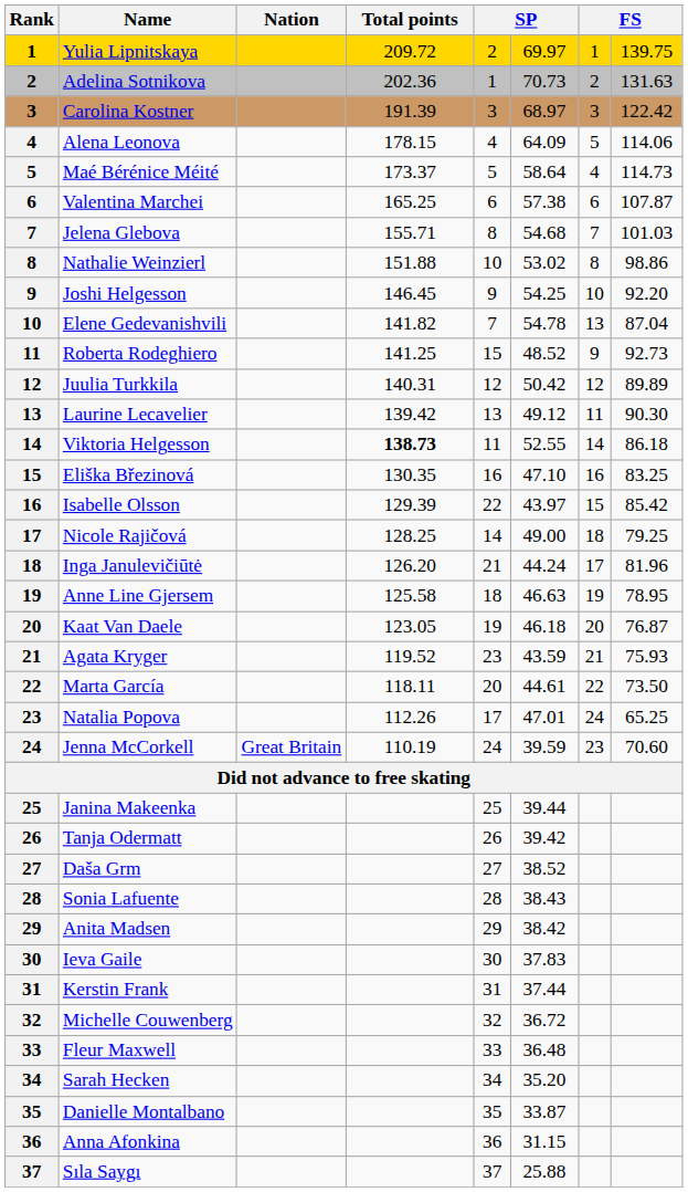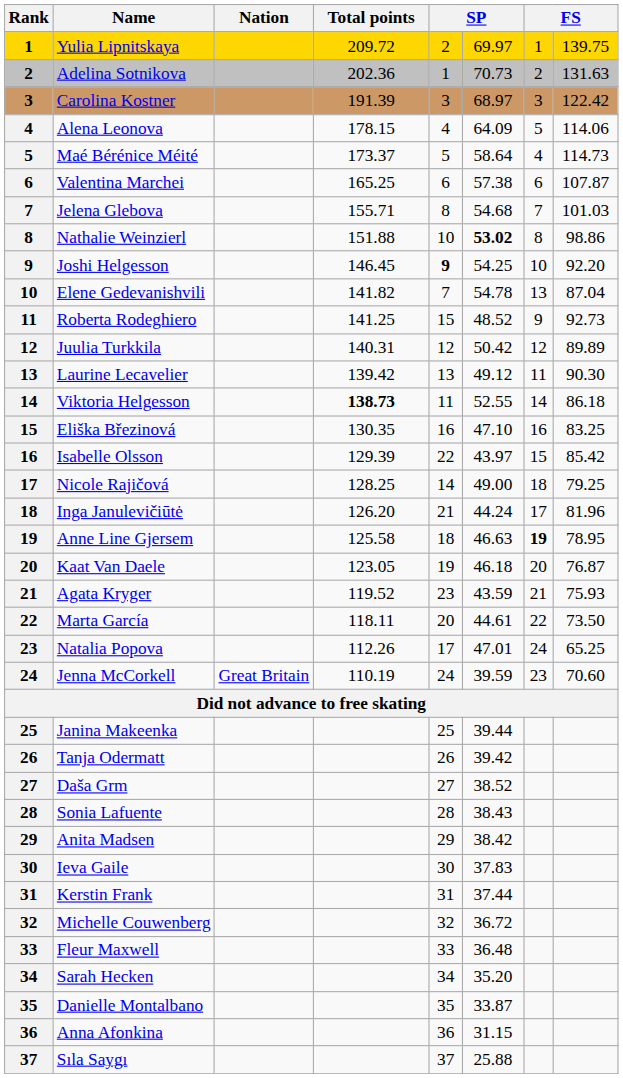 <table class="wikitable sortable">
 <tr>
 <th>Rank</th>
 <th>Name</th>
 <th>Nation</th>
 <th width="100px">Total points</th>
 <th colspan="2" width="80px"><a href='#'>SP</a></th>
 <th colspan="2" width="80px"><a href='#'>FS</a></th>
 </tr>
 <tr bgcolor="gold">
 <td align="center"><strong>1</strong></td>
 <td><a href='#'>Yulia Lipnitskaya</a></td>
 <td></td>
 <td align="center">209.72</td>
 <td align="center">2</td>
 <td align="center">69.97</td>
 <td align="center">1</td>
 <td align="center">139.75</td>
 </tr>
 <tr bgcolor="silver">
 <td align="center"><strong>2</strong></td>
 <td><a href='#'>Adelina Sotnikova</a></td>
 <td></td>
 <td align="center">202.36</td>
 <td align="center">1</td>
 <td align="center">70.73</td>
 <td align="center">2</td>
 <td align="center">131.63</td>
 </tr>
 <tr bgcolor="cc9966">
 <td align="center"><strong>3</strong></td>
 <td><a href='#'>Carolina Kostner</a></td>
 <td></td>
 <td align="center">191.39</td>
 <td align="center">3</td>
 <td align="center">68.97</td>
 <td align="center">3</td>
 <td align="center">122.42</td>
 </tr>
 <tr>
 <th>4</th>
 <td><a href='#'>Alena Leonova</a></td>
 <td></td>
 <td align="center">178.15</td>
 <td align="center">4</td>
 <td align="center">64.09</td>
 <td align="center">5</td>
 <td align="center">114.06</td>
 </tr>
 <tr>
 <th>5</th>
 <td><a href='#'>Maé Bérénice Méité</a></td>
 <td></td>
 <td align="center">173.37</td>
 <td align="center">5</td>
 <td align="center">58.64</td>
 <td align="center">4</td>
 <td align="center">114.73</td>
 </tr>
 <tr>
 <th>6</th>
 <td><a href='#'>Valentina Marchei</a></td>
 <td></td>
 <td align="center">165.25</td>
 <td align="center">6</td>
 <td align="center">57.38</td>
 <td align="center">6</td>
 <td align="center">107.87</td>
 </tr>
 <tr>
 <th>7</th>
 <td><a href='#'>Jelena Glebova</a></td>
 <td></td>
 <td align="center">155.71</td>
 <td align="center">8</td>
 <td align="center">54.68</td>
 <td align="center">7</td>
 <td align="center">101.03</td>
 </tr>
 <tr>
 <th>8</th>
 <td><a href='#'>Nathalie Weinzierl</a></td>
 <td></td>
 <td align="center">151.88</td>
 <td align="center">10</td>
-<td align="center">53.02</td>
+<td align="center"><strong>53.02</strong></td>
 <td align="center">8</td>
 <td align="center">98.86</td>
 </tr>
 <tr>
 <th>9</th>
 <td><a href='#'>Joshi Helgesson</a></td>
 <td></td>
 <td align="center">146.45</td>
-<td align="center">9</td>
+<td align="center"><strong>9</strong></td>
 <td align="center">54.25</td>
 <td align="center">10</td>
 <td align="center">92.20</td>
 </tr>
 <tr>
 <th>10</th>
 <td><a href='#'>Elene Gedevanishvili</a></td>
 <td></td>
 <td align="center">141.82</td>
 <td align="center">7</td>
 <td align="center">54.78</td>
 <td align="center">13</td>
 <td align="center">87.04</td>
 </tr>
 <tr>
 <th>11</th>
 <td><a href='#'>Roberta Rodeghiero</a></td>
 <td></td>
 <td align="center">141.25</td>
 <td align="center">15</td>
 <td align="center">48.52</td>
 <td align="center">9</td>
 <td align="center">92.73</td>
 </tr>
 <tr>
 <th>12</th>
 <td><a href='#'>Juulia Turkkila</a></td>
 <td></td>
 <td align="center">140.31</td>
 <td align="center">12</td>
 <td align="center">50.42</td>
 <td align="center">12</td>
 <td align="center">89.89</td>
 </tr>
 <tr>
 <th>13</th>
 <td><a href='#'>Laurine Lecavelier</a></td>
 <td></td>
 <td align="center">139.42</td>
 <td align="center">13</td>
 <td align="center">49.12</td>
 <td align="center">11</td>
 <td align="center">90.30</td>
 </tr>
 <tr>
 <th>14</th>
 <td><a href='#'>Viktoria Helgesson</a></td>
 <td></td>
 <td align="center"><strong>138.73</strong></td>
 <td align="center">11</td>
 <td align="center">52.55</td>
 <td align="center">14</td>
 <td align="center">86.18</td>
 </tr>
 <tr>
 <th>15</th>
 <td><a href='#'>Eliška Březinová</a></td>
 <td></td>
 <td align="center">130.35</td>
 <td align="center">16</td>
 <td align="center">47.10</td>
 <td align="center">16</td>
 <td align="center">83.25</td>
 </tr>
 <tr>
 <th>16</th>
 <td><a href='#'>Isabelle Olsson</a></td>
 <td></td>
 <td align="center">129.39</td>
 <td align="center">22</td>
 <td align="center">43.97</td>
 <td align="center">15</td>
 <td align="center">85.42</td>
 </tr>
 <tr>
 <th>17</th>
 <td><a href='#'>Nicole Rajičová</a></td>
 <td></td>
 <td align="center">128.25</td>
 <td align="center">14</td>
 <td align="center">49.00</td>
 <td align="center">18</td>
 <td align="center">79.25</td>
 </tr>
 <tr>
 <th>18</th>
 <td><a href='#'>Inga Janulevičiūtė</a></td>
 <td></td>
 <td align="center">126.20</td>
 <td align="center">21</td>
 <td align="center">44.24</td>
 <td align="center">17</td>
 <td align="center">81.96</td>
 </tr>
 <tr>
 <th>19</th>
 <td><a href='#'>Anne Line Gjersem</a></td>
 <td></td>
 <td align="center">125.58</td>
 <td align="center">18</td>
 <td align="center">46.63</td>
-<td align="center">19</td>
+<td align="center"><strong>19</strong></td>
 <td align="center">78.95</td>
 </tr>
 <tr>
 <th>20</th>
 <td><a href='#'>Kaat Van Daele</a></td>
 <td></td>
 <td align="center">123.05</td>
 <td align="center">19</td>
 <td align="center">46.18</td>
 <td align="center">20</td>
 <td align="center">76.87</td>
 </tr>
 <tr>
 <th>21</th>
 <td><a href='#'>Agata Kryger</a></td>
 <td></td>
 <td align="center">119.52</td>
 <td align="center">23</td>
 <td align="center">43.59</td>
 <td align="center">21</td>
 <td align="center">75.93</td>
 </tr>
 <tr>
 <th>22</th>
 <td><a href='#'>Marta García</a></td>
 <td></td>
 <td align="center">118.11</td>
 <td align="center">20</td>
 <td align="center">44.61</td>
 <td align="center">22</td>
 <td align="center">73.50</td>
 </tr>
 <tr>
 <th>23</th>
 <td><a href='#'>Natalia Popova</a></td>
 <td></td>
 <td align="center">112.26</td>
 <td align="center">17</td>
 <td align="center">47.01</td>
 <td align="center">24</td>
 <td align="center">65.25</td>
 </tr>
 <tr>
 <th>24</th>
 <td><a href='#'>Jenna McCorkell</a></td>
 <td> <a href='#'>Great Britain</a></td>
 <td align="center">110.19</td>
 <td align="center">24</td>
 <td align="center">39.59</td>
 <td align="center">23</td>
 <td align="center">70.60</td>
 </tr>
 <tr>
 <th colspan=8>Did not advance to free skating</th>
 </tr>
 <tr>
 <th>25</th>
 <td><a href='#'>Janina Makeenka</a></td>
 <td></td>
 <td></td>
 <td align="center">25</td>
 <td align="center">39.44</td>
 <td></td>
 <td></td>
 </tr>
 <tr>
 <th>26</th>
 <td><a href='#'>Tanja Odermatt</a></td>
 <td></td>
 <td></td>
 <td align="center">26</td>
 <td align="center">39.42</td>
 <td></td>
 <td></td>
 </tr>
 <tr>
 <th>27</th>
 <td><a href='#'>Daša Grm</a></td>
 <td></td>
 <td></td>
 <td align="center">27</td>
 <td align="center">38.52</td>
 <td></td>
 <td></td>
 </tr>
 <tr>
 <th>28</th>
 <td><a href='#'>Sonia Lafuente</a></td>
 <td></td>
 <td></td>
 <td align="center">28</td>
 <td align="center">38.43</td>
 <td></td>
 <td></td>
 </tr>
 <tr>
 <th>29</th>
 <td><a href='#'>Anita Madsen</a></td>
 <td></td>
 <td></td>
 <td align="center">29</td>
 <td align="center">38.42</td>
 <td></td>
 <td></td>
 </tr>
 <tr>
 <th>30</th>
 <td><a href='#'>Ieva Gaile</a></td>
 <td></td>
 <td></td>
 <td align="center">30</td>
 <td align="center">37.83</td>
 <td></td>
 <td></td>
 </tr>
 <tr>
 <th>31</th>
 <td><a href='#'>Kerstin Frank</a></td>
 <td></td>
 <td></td>
 <td align="center">31</td>
 <td align="center">37.44</td>
 <td></td>
 <td></td>
 </tr>
 <tr>
 <th>32</th>
 <td><a href='#'>Michelle Couwenberg</a></td>
 <td></td>
 <td></td>
 <td align="center">32</td>
 <td align="center">36.72</td>
 <td></td>
 <td></td>
 </tr>
 <tr>
 <th>33</th>
 <td><a href='#'>Fleur Maxwell</a></td>
 <td></td>
 <td></td>
 <td align="center">33</td>
 <td align="center">36.48</td>
 <td></td>
 <td></td>
 </tr>
 <tr>
 <th>34</th>
 <td><a href='#'>Sarah Hecken</a></td>
 <td></td>
 <td></td>
 <td align="center">34</td>
 <td align="center">35.20</td>
 <td></td>
 <td></td>
 </tr>
 <tr>
 <th>35</th>
 <td><a href='#'>Danielle Montalbano</a></td>
 <td></td>
 <td></td>
 <td align="center">35</td>
 <td align="center">33.87</td>
 <td></td>
 <td></td>
 </tr>
 <tr>
 <th>36</th>
 <td><a href='#'>Anna Afonkina</a></td>
 <td></td>
 <td></td>
 <td align="center">36</td>
 <td align="center">31.15</td>
 <td></td>
 <td></td>
 </tr>
 <tr>
 <th>37</th>
 <td><a href='#'>Sıla Saygı</a></td>
 <td></td>
 <td></td>
 <td align="center">37</td>
 <td align="center">25.88</td>
 <td></td>
 <td></td>
 </tr>
 </table>
